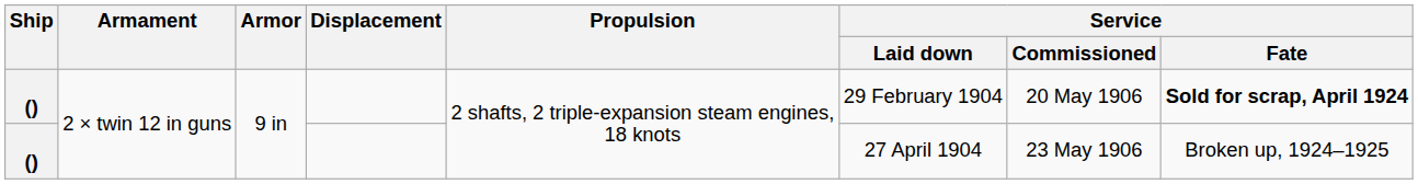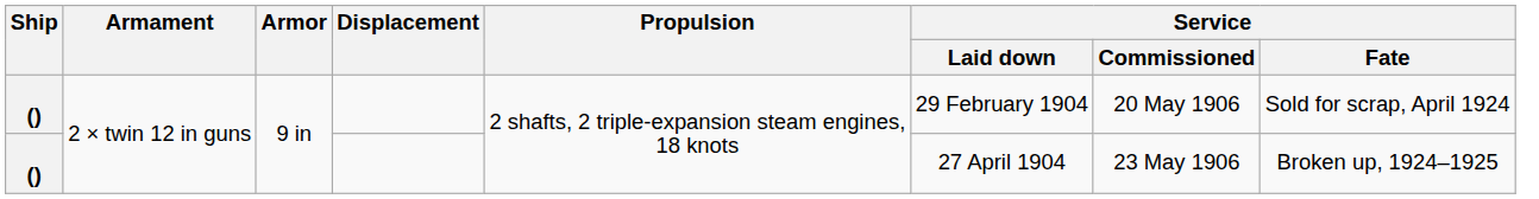 <table class="wikitable plainrowheaders" style="text-align: center;">
 <tr valign="top">
 <th scope="col" rowspan="2">Ship</th>
 <th scope="col" rowspan="2">Armament</th>
 <th scope="col" rowspan="2">Armor</th>
 <th scope="col" rowspan="2">Displacement</th>
 <th scope="col" rowspan="2">Propulsion</th>
 <th scope="col" colspan="3">Service</th>
 </tr>
 <tr valign="top">
 <th scope="col">Laid down</th>
 <th scope="col">Commissioned</th>
 <th scope="col">Fate</th>
 </tr>
 <tr valign="center">
 <th scope="row"><br>()</th>
 <td rowspan="2">2 × twin 12 in guns</td>
 <td rowspan="2">9 in</td>
 <td></td>
 <td rowspan="2">2 shafts, 2 triple-expansion steam engines,<br>18 knots</td>
 <td>29 February 1904</td>
 <td>20 May 1906</td>
-<td><strong>Sold for scrap, April 1924</strong></td>
+<td>Sold for scrap, April 1924</td>
 </tr>
 <tr valign="center">
 <th scope="row"><br>()</th>
 <td></td>
 <td>27 April 1904</td>
 <td>23 May 1906</td>
 <td>Broken up, 1924–1925</td>
 </tr>
 </table>
